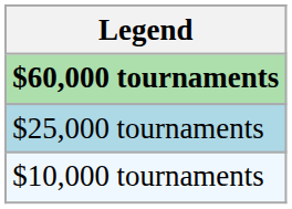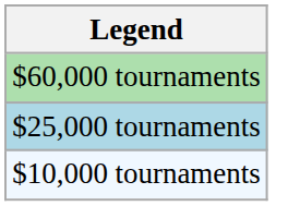 <table class=wikitable style="font-size:85%">
 <tr>
 <th>Legend</th>
 </tr>
 <tr style="background:#addfad;">
-<td><strong>$60,000 tournaments</strong></td>
+<td>$60,000 tournaments</td>
 </tr>
 <tr style="background:lightblue;">
 <td>$25,000 tournaments</td>
 </tr>
 <tr style="background:#f0f8ff;">
 <td>$10,000 tournaments</td>
 </tr>
 </table>
